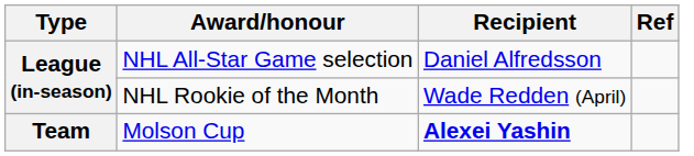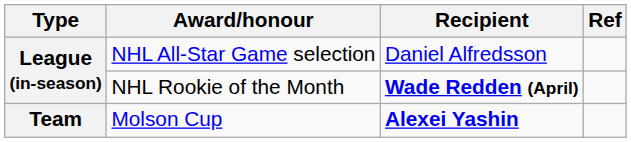 <table class="wikitable">
 <tr>
 <th scope="col">Type</th>
 <th scope="col">Award/honour</th>
 <th scope="col">Recipient</th>
 <th scope="col">Ref</th>
 </tr>
 <tr>
 <th scope="row" rowspan="2">League<br><small>(in-season)</small></th>
 <td><a href='#'>NHL All-Star Game</a> selection</td>
 <td><a href='#'>Daniel Alfredsson</a></td>
 <td></td>
 </tr>
 <tr>
 <td>NHL Rookie of the Month</td>
-<td><a href='#'>Wade Redden</a> <small>(April)</small></td>
+<td><strong><a href='#'>Wade Redden</a> <small>(April)</small></strong></td>
 <td></td>
 </tr>
 <tr>
 <th scope="row">Team</th>
 <td><a href='#'>Molson Cup</a></td>
 <td><strong><a href='#'>Alexei Yashin</a></strong></td>
 <td></td>
 </tr>
 </table>
